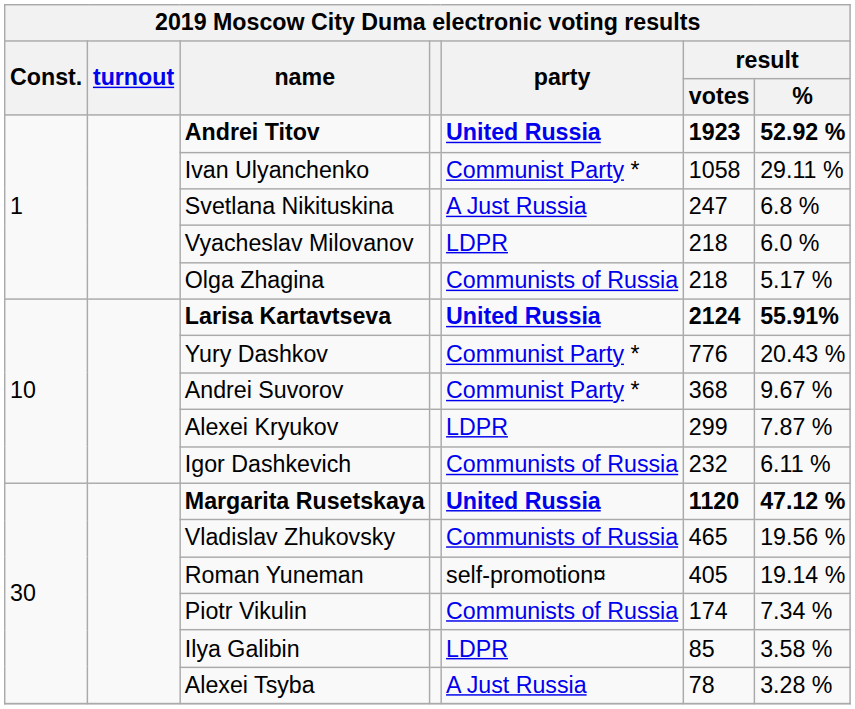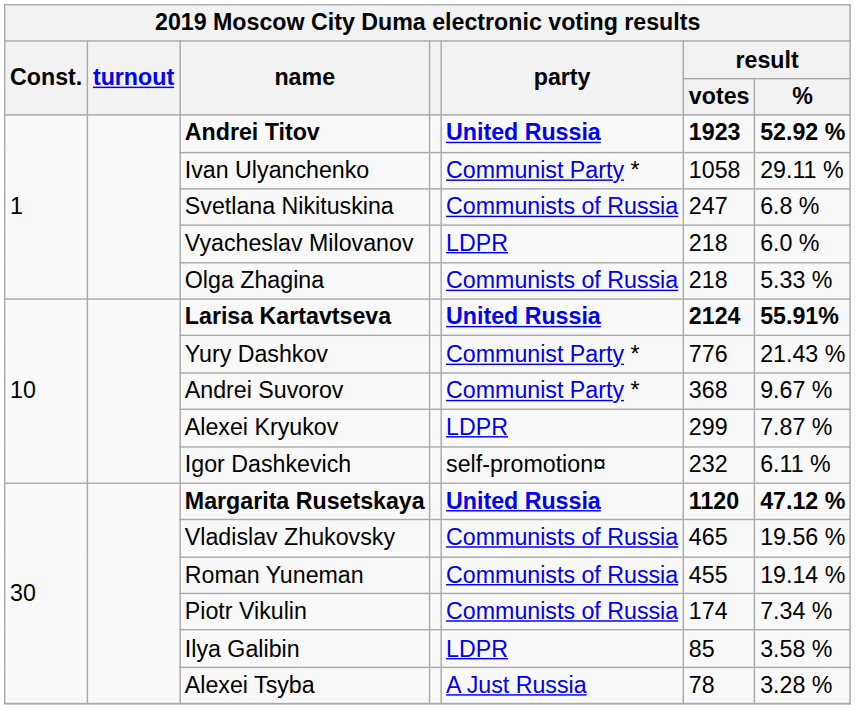 <table class="wikitable sortable">
 <tr>
 <th colspan="8">2019 Moscow City Duma electronic voting results</th>
 </tr>
 <tr>
 <th rowspan="2">Const.</th>
 <th rowspan="2"><a href='#'>turnout</a></th>
 <th rowspan="2">name</th>
 <th rowspan="2"></th>
 <th rowspan="2">party</th>
 <th colspan="2">result</th>
 </tr>
 <tr>
 <th data-sort-type="number">votes</th>
 <th>%</th>
 </tr>
 <tr>
 <td colspan="1" rowspan="5">1</td>
 <td colspan="1" rowspan="5"></td>
 <td style="font-weight:bold">Andrei Titov</td>
 <td></td>
 <td style="font-weight:bold"><a href='#'>United Russia</a></td>
 <td style="font-weight:bold">1923</td>
 <td style="font-weight:bold">52.92 %</td>
 </tr>
 <tr>
 <td>Ivan Ulyanchenko</td>
 <td></td>
 <td><a href='#'>Communist Party</a> *</td>
 <td>1058</td>
 <td>29.11 %</td>
 </tr>
 <tr>
 <td>Svetlana Nikituskina</td>
 <td></td>
-<td><a href='#'>A Just Russia</a></td>
+<td><a href='#'>Communists of Russia</a></td>
 <td>247</td>
 <td>6.8 %</td>
 </tr>
 <tr>
 <td>Vyacheslav Milovanov</td>
 <td></td>
 <td><a href='#'>LDPR</a></td>
 <td>218</td>
 <td>6.0 %</td>
 </tr>
 <tr>
 <td>Olga Zhagina</td>
 <td></td>
 <td><a href='#'>Communists of Russia</a></td>
 <td>218</td>
-<td>5.17 %</td>
+<td>5.33 %</td>
 </tr>
 <tr>
 <td colspan="1" rowspan="5">10</td>
 <td colspan="1" rowspan="5"></td>
 <td style="font-weight:bold">Larisa Kartavtseva</td>
 <td></td>
 <td style="font-weight:bold"><a href='#'>United Russia</a></td>
 <td style="font-weight:bold">2124</td>
 <td style="font-weight:bold">55.91%</td>
 </tr>
 <tr>
 <td>Yury Dashkov</td>
 <td></td>
 <td><a href='#'>Communist Party</a> *</td>
 <td>776</td>
-<td>20.43 %</td>
+<td>21.43 %</td>
 </tr>
 <tr>
 <td>Andrei Suvorov</td>
 <td></td>
 <td><a href='#'>Communist Party</a> *</td>
 <td>368</td>
 <td>9.67 %</td>
 </tr>
 <tr>
 <td>Alexei Kryukov</td>
 <td></td>
 <td><a href='#'>LDPR</a></td>
 <td>299</td>
 <td>7.87 %</td>
 </tr>
 <tr>
 <td>Igor Dashkevich</td>
 <td></td>
-<td><a href='#'>Communists of Russia</a></td>
+<td>self-promotion¤</td>
 <td>232</td>
 <td>6.11 %</td>
 </tr>
 <tr>
 <td colspan="1" rowspan="6">30</td>
 <td colspan="1" rowspan="6"></td>
 <td style="font-weight:bold">Margarita Rusetskaya</td>
 <td></td>
 <td style="font-weight:bold"><a href='#'>United Russia</a></td>
 <td style="font-weight:bold">1120</td>
 <td style="font-weight:bold">47.12 %</td>
 </tr>
 <tr>
 <td>Vladislav Zhukovsky</td>
 <td></td>
 <td><a href='#'>Communists of Russia</a></td>
 <td>465</td>
 <td>19.56 %</td>
 </tr>
 <tr>
 <td>Roman Yuneman</td>
 <td></td>
-<td>self-promotion¤</td>
-<td>405</td>
+<td><a href='#'>Communists of Russia</a></td>
+<td>455</td>
 <td>19.14 %</td>
 </tr>
 <tr>
 <td>Piotr Vikulin</td>
 <td></td>
 <td><a href='#'>Communists of Russia</a></td>
 <td>174</td>
 <td>7.34 %</td>
 </tr>
 <tr>
 <td>Ilya Galibin</td>
 <td></td>
 <td><a href='#'>LDPR</a></td>
 <td>85</td>
 <td>3.58 %</td>
 </tr>
 <tr>
 <td>Alexei Tsyba</td>
 <td></td>
 <td><a href='#'>A Just Russia</a></td>
 <td>78</td>
 <td>3.28 %</td>
 </tr>
 <tr>
 </tr>
 </table>
